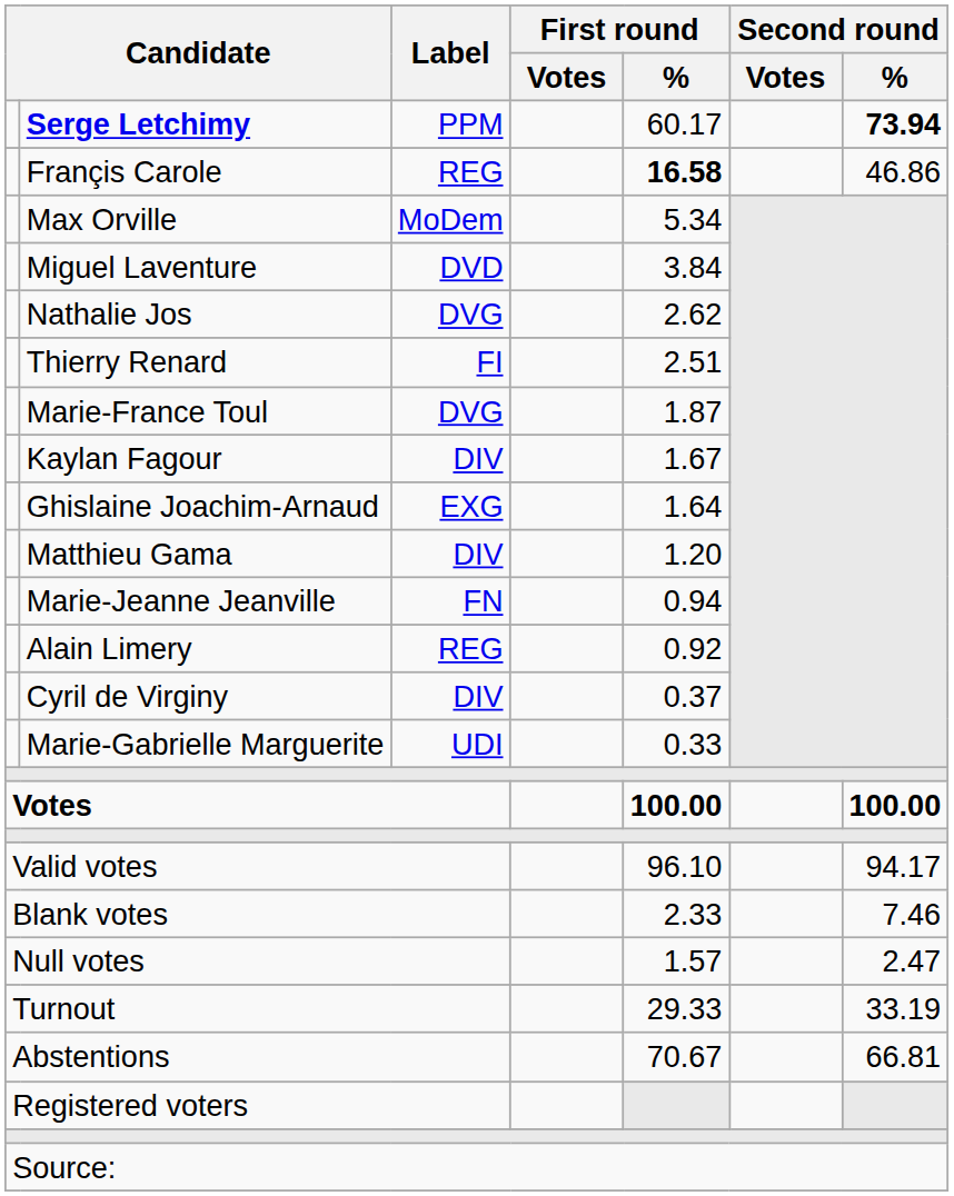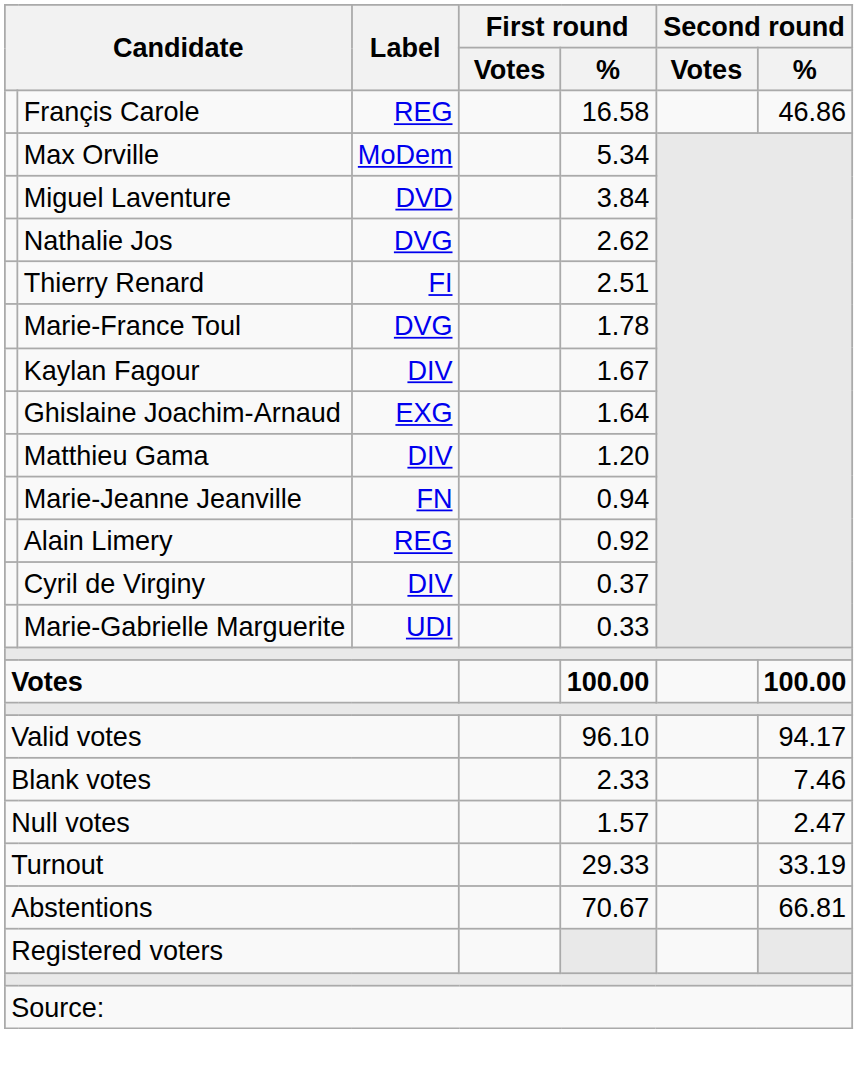 <table class="wikitable" style="text-align:right;font-size:95%;">
 <tr>
 <th rowspan="2" colspan="2">Candidate</th>
 <th rowspan="2">Label</th>
 <th colspan="2">First round</th>
 <th colspan="2">Second round</th>
 </tr>
 <tr>
 <th style="width:50px;">Votes</th>
 <th style="width:45px;">%</th>
 <th style="width:50px;">Votes</th>
 <th style="width:45px;">%</th>
 </tr>
 <tr>
 <td style="color:inherit;background:"></td>
-<td style="text-align:left;"><strong><a href='#'>Serge Letchimy</a></strong></td>
-<td><a href='#'>PPM</a></td>
-<td></td>
-<td>60.17</td>
-<td><strong></strong></td>
-<td><strong>73.94</strong></td>
-</tr>
-<tr>
-<td style="color:inherit;background:"></td>
 <td style="text-align:left;">Françis Carole</td>
 <td><a href='#'>REG</a></td>
 <td></td>
-<td><strong>16.58</strong></td>
+<td>16.58</td>
 <td></td>
 <td>46.86</td>
 </tr>
 <tr>
 <td style="color:inherit;background:"></td>
 <td style="text-align:left;">Max Orville</td>
 <td><a href='#'>MoDem</a></td>
 <td></td>
 <td>5.34</td>
 <td colspan="2" rowspan="12" style="background:#E9E9E9;"></td>
 </tr>
 <tr>
 <td style="color:inherit;background:"></td>
 <td style="text-align:left;">Miguel Laventure</td>
 <td><a href='#'>DVD</a></td>
 <td></td>
 <td>3.84</td>
 </tr>
 <tr>
 <td style="color:inherit;background:"></td>
 <td style="text-align:left;">Nathalie Jos</td>
 <td><a href='#'>DVG</a></td>
 <td></td>
 <td>2.62</td>
 </tr>
 <tr>
 <td style="color:inherit;background:"></td>
 <td style="text-align:left;">Thierry Renard</td>
 <td><a href='#'>FI</a></td>
 <td></td>
 <td>2.51</td>
 </tr>
 <tr>
 <td style="color:inherit;background:"></td>
 <td style="text-align:left;">Marie-France Toul</td>
 <td><a href='#'>DVG</a></td>
 <td></td>
-<td>1.87</td>
+<td>1.78</td>
 </tr>
 <tr>
 <td style="color:inherit;background:"></td>
 <td style="text-align:left;">Kaylan Fagour</td>
 <td><a href='#'>DIV</a></td>
 <td></td>
 <td>1.67</td>
 </tr>
 <tr>
 <td style="color:inherit;background:"></td>
 <td style="text-align:left;">Ghislaine Joachim-Arnaud</td>
 <td><a href='#'>EXG</a></td>
 <td></td>
 <td>1.64</td>
 </tr>
 <tr>
 <td style="color:inherit;background:"></td>
 <td style="text-align:left;">Matthieu Gama</td>
 <td><a href='#'>DIV</a></td>
 <td></td>
 <td>1.20</td>
 </tr>
 <tr>
 <td style="color:inherit;background:"></td>
 <td style="text-align:left;">Marie-Jeanne Jeanville</td>
 <td><a href='#'>FN</a></td>
 <td></td>
 <td>0.94</td>
 </tr>
 <tr>
 <td style="color:inherit;background:"></td>
 <td style="text-align:left;">Alain Limery</td>
 <td><a href='#'>REG</a></td>
 <td></td>
 <td>0.92</td>
 </tr>
 <tr>
 <td style="color:inherit;background:"></td>
 <td style="text-align:left;">Cyril de Virginy</td>
 <td><a href='#'>DIV</a></td>
 <td></td>
 <td>0.37</td>
 </tr>
 <tr>
 <td style="color:inherit;background:"></td>
 <td style="text-align:left;">Marie-Gabrielle Marguerite</td>
 <td><a href='#'>UDI</a></td>
 <td></td>
 <td>0.33</td>
 </tr>
 <tr>
 <td colspan="7" style="background:#E9E9E9;"></td>
 </tr>
 <tr style="font-weight:bold;">
 <td colspan="3" style="text-align:left;">Votes</td>
 <td></td>
 <td>100.00</td>
 <td></td>
 <td>100.00</td>
 </tr>
 <tr>
 <td colspan="7" style="background:#E9E9E9;"></td>
 </tr>
 <tr>
 <td colspan="3" style="text-align:left;">Valid votes</td>
 <td></td>
 <td>96.10</td>
 <td></td>
 <td>94.17</td>
 </tr>
 <tr>
 <td colspan="3" style="text-align:left;">Blank votes</td>
 <td></td>
 <td>2.33</td>
 <td></td>
 <td>7.46</td>
 </tr>
 <tr>
 <td colspan="3" style="text-align:left;">Null votes</td>
 <td></td>
 <td>1.57</td>
 <td></td>
 <td>2.47</td>
 </tr>
 <tr>
 <td colspan="3" style="text-align:left;">Turnout</td>
 <td></td>
 <td>29.33</td>
 <td></td>
 <td>33.19</td>
 </tr>
 <tr>
 <td colspan="3" style="text-align:left;">Abstentions</td>
 <td></td>
 <td>70.67</td>
 <td></td>
 <td>66.81</td>
 </tr>
 <tr>
 <td colspan="3" style="text-align:left;">Registered voters</td>
 <td></td>
 <td style="background:#E9E9E9;"></td>
 <td></td>
 <td style="background:#E9E9E9;"></td>
 </tr>
 <tr>
 <td colspan="7" style="background:#E9E9E9;"></td>
 </tr>
 <tr>
 <td colspan="7" style="text-align:left;">Source: </td>
 </tr>
 </table>
